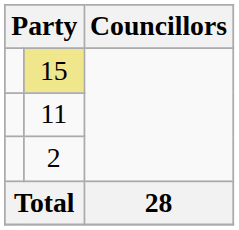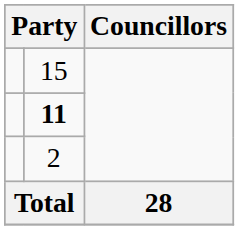 <table class="wikitable">
 <tr>
 <th colspan=2>Party</th>
 <th>Councillors</th>
 </tr>
 <tr>
 <td></td>
-<td align=center style="background: khaki;">15</td>
+<td align=center>15</td>
 </tr>
 <tr>
 <td></td>
-<td align=center>11</td>
+<td align=center><strong>11</strong></td>
 </tr>
 <tr>
 <td></td>
 <td align=center>2</td>
 </tr>
 <tr>
 <th colspan=2>Total</th>
 <th>28</th>
 </tr>
 <tr>
 </tr>
 </table>
